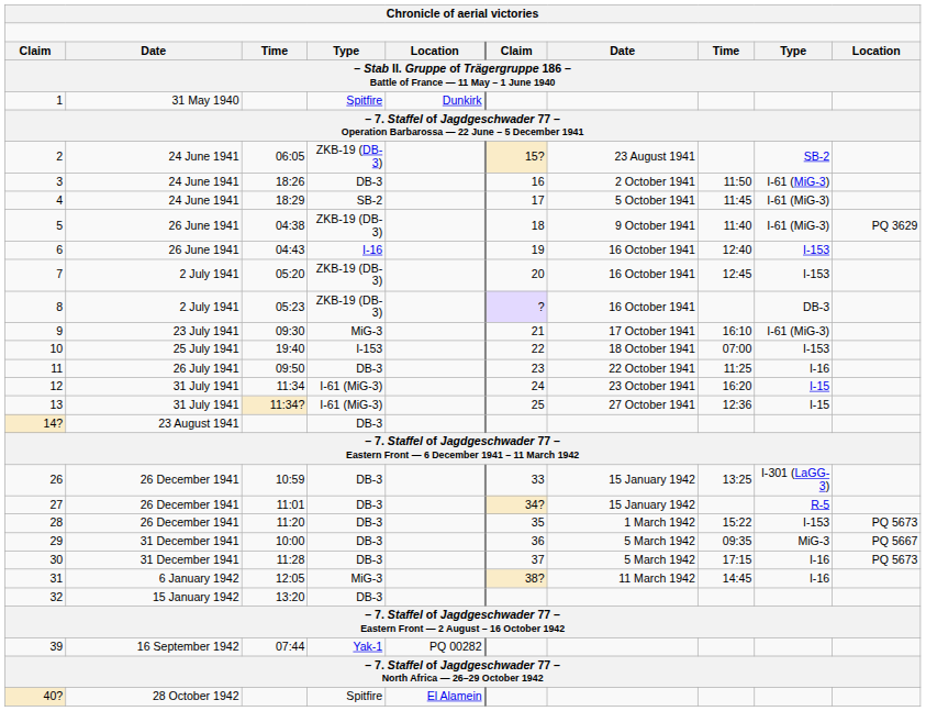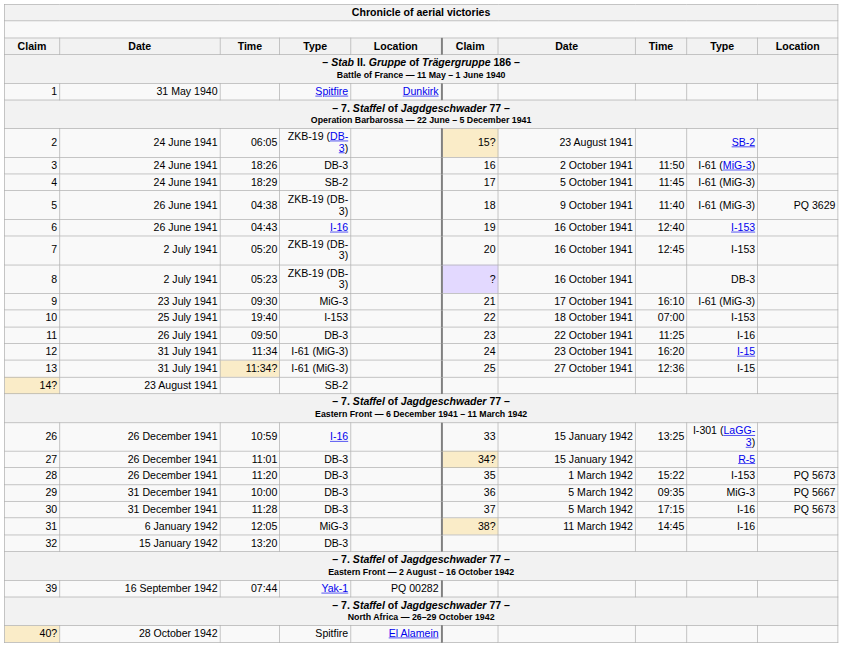 <table class="wikitable plainrowheaders collapsible" style="margin-left: auto; margin-right: auto; border: none; text-align:right; width: 100%;">
 <tr>
 <th colspan="10">Chronicle of aerial victories</th>
 </tr>
 <tr>
 <td colspan="10" style="text-align: left;"><br> </td>
 </tr>
 <tr>
 <th scope="col">Claim</th>
 <th scope="col">Date</th>
 <th scope="col">Time</th>
 <th scope="col" width="100px">Type</th>
 <th scope="col">Location</th>
 <th scope="col" style="border-left: 3px solid grey;">Claim</th>
 <th scope="col">Date</th>
 <th scope="col">Time</th>
 <th scope="col" width="100px">Type</th>
 <th scope="col">Location</th>
 </tr>
 <tr>
 <th colspan="10">– <em>Stab</em> II. <em>Gruppe</em> of <em>Trägergruppe</em> 186 –<br><small>Battle of France — 11 May – 1 June 1940</small></th>
 </tr>
 <tr>
 <td>1</td>
 <td>31 May 1940</td>
 <td></td>
 <td><a href='#'>Spitfire</a></td>
 <td><a href='#'>Dunkirk</a></td>
 <td style="border-left: 3px solid grey;"></td>
 <td></td>
 <td></td>
 <td></td>
 <td></td>
 </tr>
 <tr>
 <th colspan="10">– 7. <em>Staffel</em> of <em>Jagdgeschwader</em> 77 –<br><small>Operation Barbarossa — 22 June – 5 December 1941</small></th>
 </tr>
 <tr>
 <td>2</td>
 <td>24 June 1941</td>
 <td>06:05</td>
 <td>ZKB-19 (<a href='#'>DB-3</a>)</td>
 <td></td>
 <td style="border-left: 3px solid grey; background:#faecc8">15?</td>
 <td>23 August 1941</td>
 <td></td>
 <td><a href='#'>SB-2</a></td>
 <td></td>
 </tr>
 <tr>
 <td>3</td>
 <td>24 June 1941</td>
 <td>18:26</td>
 <td>DB-3</td>
 <td></td>
 <td style="border-left: 3px solid grey;">16</td>
 <td>2 October 1941</td>
 <td>11:50</td>
 <td>I-61 (<a href='#'>MiG-3</a>)</td>
 <td></td>
 </tr>
 <tr>
 <td>4</td>
 <td>24 June 1941</td>
 <td>18:29</td>
 <td>SB-2</td>
 <td></td>
 <td style="border-left: 3px solid grey;">17</td>
 <td>5 October 1941</td>
 <td>11:45</td>
 <td>I-61 (MiG-3)</td>
 <td></td>
 </tr>
 <tr>
 <td>5</td>
 <td>26 June 1941</td>
 <td>04:38</td>
 <td>ZKB-19 (DB-3)</td>
 <td></td>
 <td style="border-left: 3px solid grey;">18</td>
 <td>9 October 1941</td>
 <td>11:40</td>
 <td>I-61 (MiG-3)</td>
 <td>PQ 3629</td>
 </tr>
 <tr>
 <td>6</td>
 <td>26 June 1941</td>
 <td>04:43</td>
 <td><a href='#'>I-16</a></td>
 <td></td>
 <td style="border-left: 3px solid grey;">19</td>
 <td>16 October 1941</td>
 <td>12:40</td>
 <td><a href='#'>I-153</a></td>
 <td></td>
 </tr>
 <tr>
 <td>7</td>
 <td>2 July 1941</td>
 <td>05:20</td>
 <td>ZKB-19 (DB-3)</td>
 <td></td>
 <td style="border-left: 3px solid grey;">20</td>
 <td>16 October 1941</td>
 <td>12:45</td>
 <td>I-153</td>
 <td></td>
 </tr>
 <tr>
 <td>8</td>
 <td>2 July 1941</td>
 <td>05:23</td>
 <td>ZKB-19 (DB-3)</td>
 <td></td>
 <td style="border-left: 3px solid grey; background:#e3d9ff;">?</td>
 <td>16 October 1941</td>
 <td></td>
 <td>DB-3</td>
 <td></td>
 </tr>
 <tr>
 <td>9</td>
 <td>23 July 1941</td>
 <td>09:30</td>
 <td>MiG-3</td>
 <td></td>
 <td style="border-left: 3px solid grey;">21</td>
 <td>17 October 1941</td>
 <td>16:10</td>
 <td>I-61 (MiG-3)</td>
 <td></td>
 </tr>
 <tr>
 <td>10</td>
 <td>25 July 1941</td>
 <td>19:40</td>
 <td>I-153</td>
 <td></td>
 <td style="border-left: 3px solid grey;">22</td>
 <td>18 October 1941</td>
 <td>07:00</td>
 <td>I-153</td>
 <td></td>
 </tr>
 <tr>
 <td>11</td>
 <td>26 July 1941</td>
 <td>09:50</td>
 <td>DB-3</td>
 <td></td>
 <td style="border-left: 3px solid grey;">23</td>
 <td>22 October 1941</td>
 <td>11:25</td>
 <td>I-16</td>
 <td></td>
 </tr>
 <tr>
 <td>12</td>
 <td>31 July 1941</td>
 <td>11:34</td>
 <td>I-61 (MiG-3)</td>
 <td></td>
 <td style="border-left: 3px solid grey;">24</td>
 <td>23 October 1941</td>
 <td>16:20</td>
 <td><a href='#'>I-15</a></td>
 <td></td>
 </tr>
 <tr>
 <td>13</td>
 <td>31 July 1941</td>
 <td style="background:#faecc8">11:34?</td>
 <td>I-61 (MiG-3)</td>
 <td></td>
 <td style="border-left: 3px solid grey;">25</td>
 <td>27 October 1941</td>
 <td>12:36</td>
 <td>I-15</td>
 <td></td>
 </tr>
 <tr>
 <td style="background:#faecc8">14?</td>
 <td>23 August 1941</td>
 <td></td>
-<td>DB-3</td>
+<td>SB-2</td>
 <td></td>
 <td style="border-left: 3px solid grey;"></td>
 <td></td>
 <td></td>
 <td></td>
 <td></td>
 </tr>
 <tr>
 <th colspan="10">– 7. <em>Staffel</em> of <em>Jagdgeschwader</em> 77 –<br><small>Eastern Front — 6 December 1941 – 11 March 1942</small></th>
 </tr>
 <tr>
 <td>26</td>
 <td>26 December 1941</td>
 <td>10:59</td>
-<td>DB-3</td>
+<td><a href='#'>I-16</a></td>
 <td></td>
 <td style="border-left: 3px solid grey;">33</td>
 <td>15 January 1942</td>
 <td>13:25</td>
 <td>I-301 (<a href='#'>LaGG-3</a>)</td>
 <td></td>
 </tr>
 <tr>
 <td>27</td>
 <td>26 December 1941</td>
 <td>11:01</td>
 <td>DB-3</td>
 <td></td>
 <td style="border-left: 3px solid grey; background:#faecc8">34?</td>
 <td>15 January 1942</td>
 <td></td>
 <td><a href='#'>R-5</a></td>
 <td></td>
 </tr>
 <tr>
 <td>28</td>
 <td>26 December 1941</td>
 <td>11:20</td>
 <td>DB-3</td>
 <td></td>
 <td style="border-left: 3px solid grey;">35</td>
 <td>1 March 1942</td>
 <td>15:22</td>
 <td>I-153</td>
 <td>PQ 5673</td>
 </tr>
 <tr>
 <td>29</td>
 <td>31 December 1941</td>
 <td>10:00</td>
 <td>DB-3</td>
 <td></td>
 <td style="border-left: 3px solid grey;">36</td>
 <td>5 March 1942</td>
 <td>09:35</td>
 <td>MiG-3</td>
 <td>PQ 5667</td>
 </tr>
 <tr>
 <td>30</td>
 <td>31 December 1941</td>
 <td>11:28</td>
 <td>DB-3</td>
 <td></td>
 <td style="border-left: 3px solid grey;">37</td>
 <td>5 March 1942</td>
 <td>17:15</td>
 <td>I-16</td>
 <td>PQ 5673</td>
 </tr>
 <tr>
 <td>31</td>
 <td>6 January 1942</td>
 <td>12:05</td>
 <td>MiG-3</td>
 <td></td>
 <td style="border-left: 3px solid grey; background:#faecc8">38?</td>
 <td>11 March 1942</td>
 <td>14:45</td>
 <td>I-16</td>
 <td></td>
 </tr>
 <tr>
 <td>32</td>
 <td>15 January 1942</td>
 <td>13:20</td>
 <td>DB-3</td>
 <td></td>
 <td style="border-left: 3px solid grey;"></td>
 <td></td>
 <td></td>
 <td></td>
 <td></td>
 </tr>
 <tr>
 <th colspan="10">– 7. <em>Staffel</em> of <em>Jagdgeschwader</em> 77 –<br><small>Eastern Front — 2 August – 16 October 1942</small></th>
 </tr>
 <tr>
 <td>39</td>
 <td>16 September 1942</td>
 <td>07:44</td>
 <td><a href='#'>Yak-1</a></td>
 <td>PQ 00282</td>
 <td style="border-left: 3px solid grey;"></td>
 <td></td>
 <td></td>
 <td></td>
 <td></td>
 </tr>
 <tr>
 <th colspan="10">– 7. <em>Staffel</em> of <em>Jagdgeschwader</em> 77 –<br><small>North Africa — 26–29 October 1942</small></th>
 </tr>
 <tr>
 <td style="background:#faecc8">40?</td>
 <td>28 October 1942</td>
 <td></td>
 <td>Spitfire</td>
 <td><a href='#'>El Alamein</a></td>
 <td style="border-left: 3px solid grey;"></td>
 <td></td>
 <td></td>
 <td></td>
 <td></td>
 </tr>
 </table>
